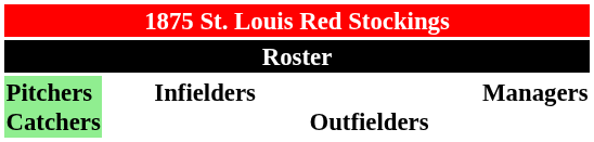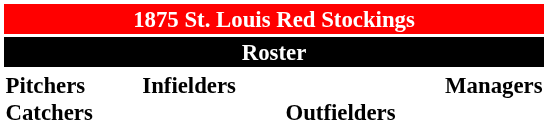 <table class="toccolours" style="font-size: 95%;">
 <tr>
 <th colspan="10" style="background-color: red; color:white; text-align: center;">1875 St. Louis Red Stockings</th>
 </tr>
 <tr>
 <td colspan="10" style="background-color:black; color: white; text-align: center;"><strong>Roster</strong></td>
 </tr>
 <tr>
-<td valign="top" style="background: lightgreen;"><strong>Pitchers</strong><br> <strong>Catchers</strong>  </td>
+<td valign="top"><strong>Pitchers</strong><br> <strong>Catchers</strong>  </td>
 <td width="25px"></td>
 <td valign="top"><strong>Infielders</strong><br>     </td>
 <td width="25px"></td>
 <td valign="top"><br><strong>Outfielders</strong>   </td>
 <td width="25px"></td>
 <td valign="top"><strong>Managers</strong><br></td>
 </tr>
 </table>
